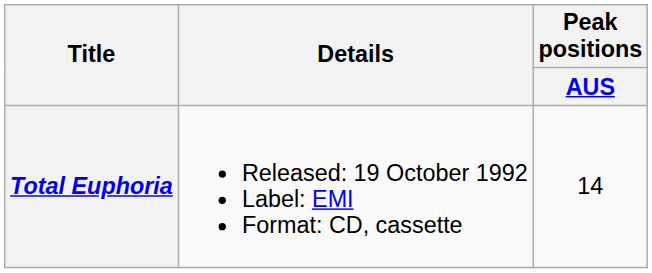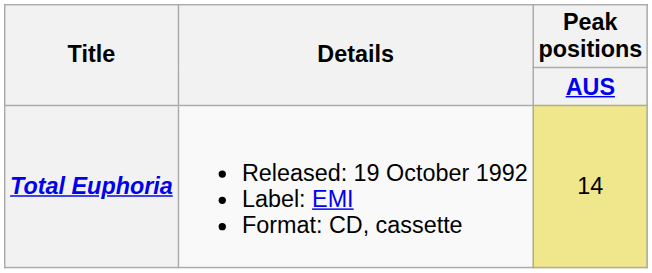 <table class="wikitable plainrowheaders">
 <tr>
 <th scope="col" rowspan="2">Title</th>
 <th scope="col" rowspan="2">Details</th>
 <th scope="col" colspan="1">Peak positions</th>
 </tr>
 <tr>
 <th width=30><a href='#'>AUS</a><br></th>
 </tr>
 <tr>
 <th scope="row"><em><a href='#'>Total Euphoria</a></em></th>
 <td><br><ul><li>Released: 19 October 1992</li><li>Label: <a href='#'>EMI</a> </li><li>Format: CD, cassette</li></ul></td>
-<td align="center">14</td>
+<td align="center" style="background: khaki;">14</td>
 </tr>
 </table>
